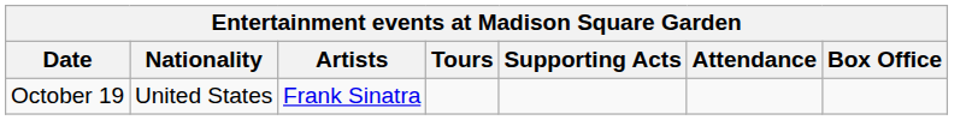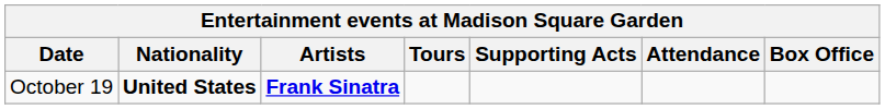 <table class="wikitable">
 <tr>
 <th colspan="7">Entertainment events at Madison Square Garden</th>
 </tr>
 <tr>
 <th>Date</th>
 <th>Nationality</th>
 <th>Artists</th>
 <th>Tours</th>
 <th>Supporting Acts</th>
 <th>Attendance</th>
 <th>Box Office</th>
 </tr>
 <tr>
 <td>October 19</td>
-<td>United States</td>
-<td><a href='#'>Frank Sinatra</a></td>
+<td><strong>United States</strong></td>
+<td><strong><a href='#'>Frank Sinatra</a></strong></td>
 <td></td>
 <td></td>
 <td></td>
 <td></td>
 </tr>
 </table>
